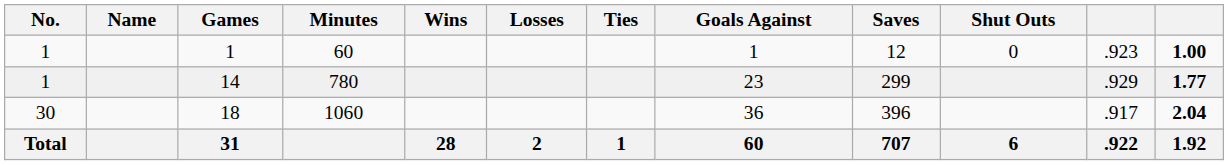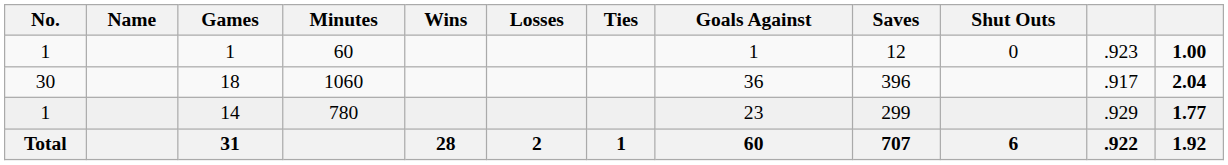 <table class="wikitable sortable" width ="1000">
 <tr align="center">
 <th><strong>No.</strong></th>
 <th><strong>Name</strong></th>
 <th><strong>Games</strong></th>
 <th><strong>Minutes</strong></th>
 <th><strong>Wins</strong></th>
 <th><strong>Losses</strong></th>
 <th><strong>Ties</strong></th>
 <th><strong>Goals Against</strong></th>
 <th><strong>Saves</strong></th>
 <th><strong>Shut Outs</strong></th>
 <th><strong><a href='#'></a></strong></th>
 <th><strong><a href='#'></a></strong></th>
 </tr>
 <tr align="center">
 <td>1</td>
 <td></td>
 <td>1</td>
 <td>60</td>
 <td></td>
 <td></td>
 <td></td>
 <td>1</td>
 <td>12</td>
 <td>0</td>
 <td>.923</td>
 <td><strong>1.00</strong></td>
 </tr>
+<tr align="center">
+<td>30</td>
+<td></td>
+<td>18</td>
+<td>1060</td>
+<td></td>
+<td></td>
+<td></td>
+<td>36</td>
+<td>396</td>
+<td></td>
+<td>.917</td>
+<td><strong>2.04</strong></td>
+</tr>
 <tr align="center" bgcolor="#f0f0f0">
 <td>1</td>
 <td></td>
 <td>14</td>
 <td>780</td>
 <td></td>
 <td></td>
 <td></td>
 <td>23</td>
 <td>299</td>
 <td></td>
 <td>.929</td>
 <td><strong>1.77</strong></td>
-</tr>
-<tr align="center">
-<td>30</td>
-<td></td>
-<td>18</td>
-<td>1060</td>
-<td></td>
-<td></td>
-<td></td>
-<td>36</td>
-<td>396</td>
-<td></td>
-<td>.917</td>
-<td><strong>2.04</strong></td>
 </tr>
 <tr>
 <th>Total</th>
 <th></th>
 <th>31</th>
 <th></th>
 <th>28</th>
 <th>2</th>
 <th>1</th>
 <th>60</th>
 <th>707</th>
 <th>6</th>
 <th>.922</th>
 <th>1.92</th>
 </tr>
 </table>
